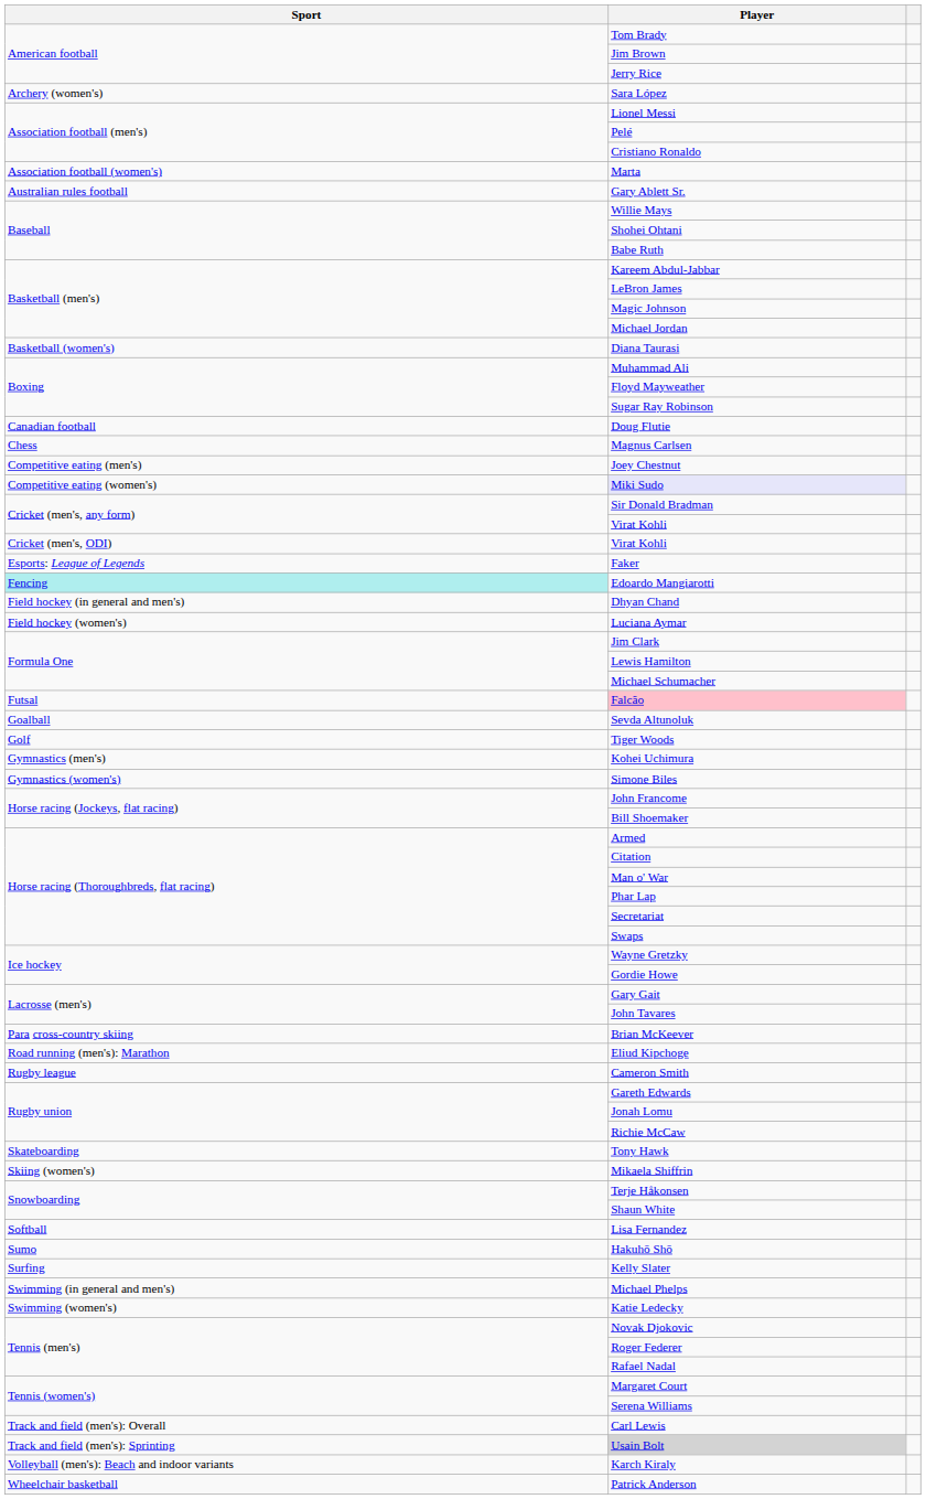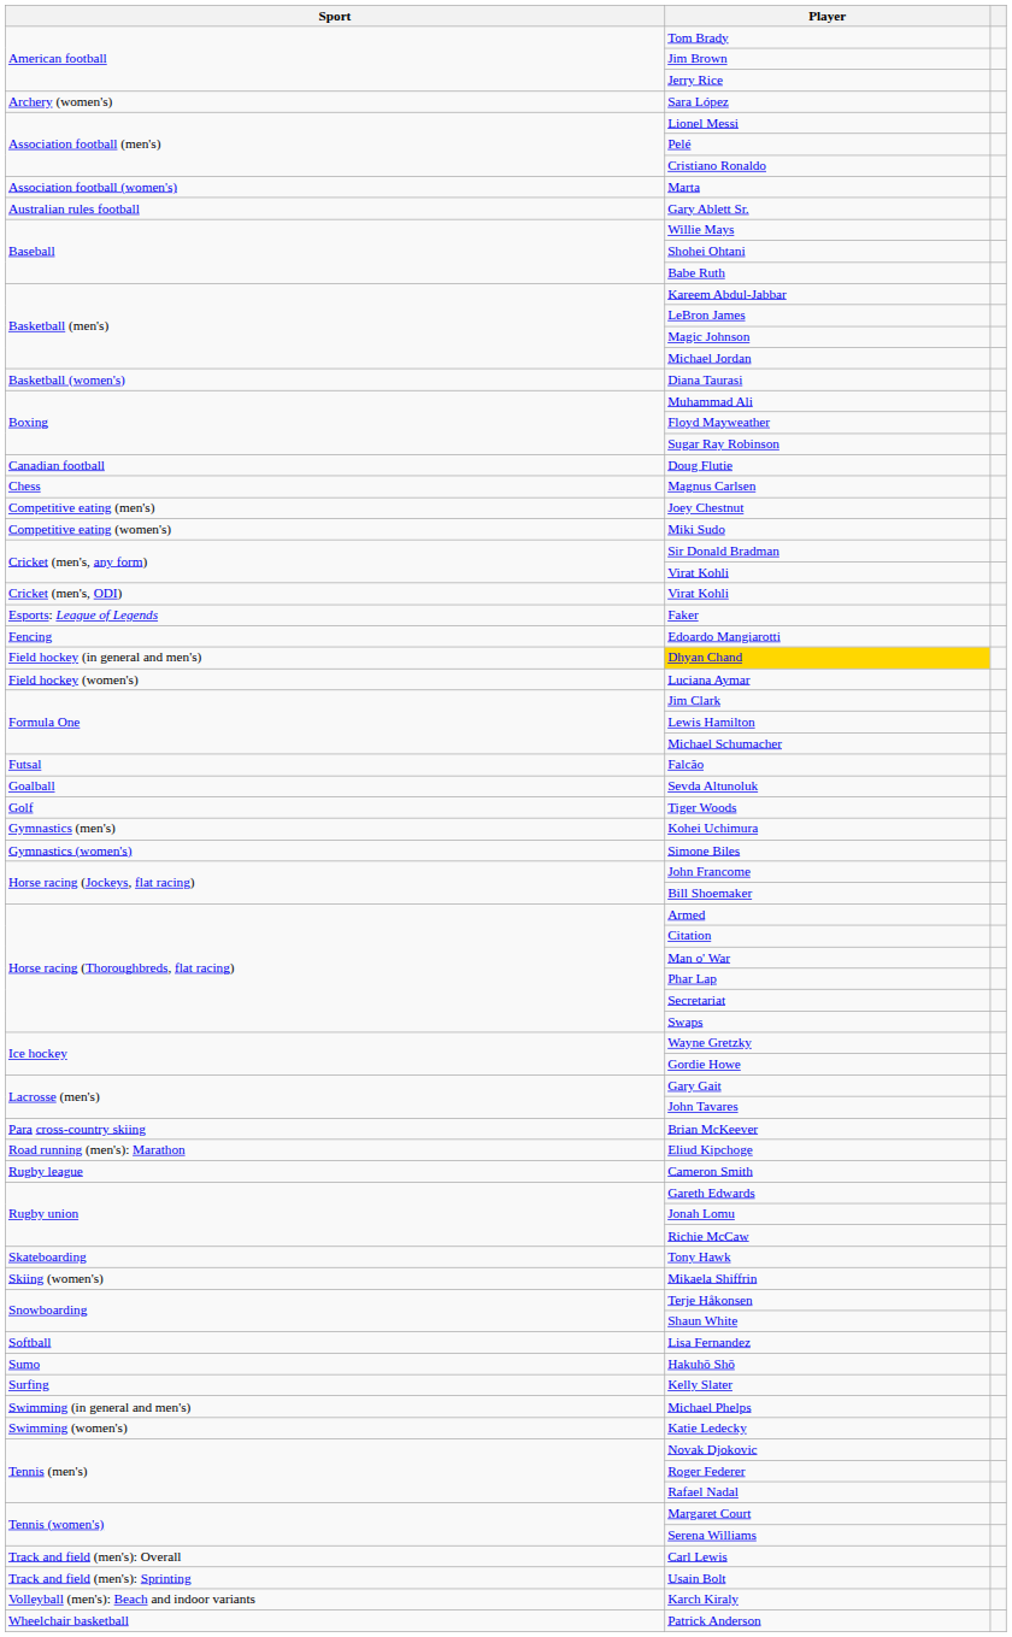 <table class="wikitable mw-uncollapsed" style="width:75%;">
 <tr>
 <th>Sport</th>
 <th>Player</th>
 <th></th>
 </tr>
 <tr>
 <td rowspan="3"><a href='#'>American football</a></td>
 <td><a href='#'>Tom Brady</a></td>
 <td></td>
 </tr>
 <tr>
 <td><a href='#'>Jim Brown</a></td>
 <td></td>
 </tr>
 <tr>
 <td><a href='#'>Jerry Rice</a></td>
 <td></td>
 </tr>
 <tr>
 <td><a href='#'>Archery</a> (women's)</td>
 <td><a href='#'>Sara López</a></td>
 <td></td>
 </tr>
 <tr>
 <td rowspan="3"><a href='#'>Association football</a> (men's)</td>
 <td><a href='#'>Lionel Messi</a></td>
 <td></td>
 </tr>
 <tr>
 <td><a href='#'>Pelé</a></td>
 <td></td>
 </tr>
 <tr>
 <td><a href='#'>Cristiano Ronaldo</a></td>
 <td></td>
 </tr>
 <tr>
 <td><a href='#'>Association football (women's)</a></td>
 <td><a href='#'>Marta</a></td>
 <td></td>
 </tr>
 <tr>
 <td><a href='#'>Australian rules football</a></td>
 <td><a href='#'>Gary Ablett Sr.</a></td>
 <td></td>
 </tr>
 <tr>
 <td rowspan="3"><a href='#'>Baseball</a></td>
 <td><a href='#'>Willie Mays</a></td>
 <td></td>
 </tr>
 <tr>
 <td><a href='#'>Shohei Ohtani</a></td>
 <td></td>
 </tr>
 <tr>
 <td><a href='#'>Babe Ruth</a></td>
 <td></td>
 </tr>
 <tr>
 <td rowspan="4"><a href='#'>Basketball</a> (men's)</td>
 <td><a href='#'>Kareem Abdul-Jabbar</a></td>
 <td></td>
 </tr>
 <tr>
 <td><a href='#'>LeBron James</a></td>
 <td></td>
 </tr>
 <tr>
 <td><a href='#'>Magic Johnson</a></td>
 <td></td>
 </tr>
 <tr>
 <td><a href='#'>Michael Jordan</a></td>
 <td></td>
 </tr>
 <tr>
 <td><a href='#'>Basketball (women's)</a></td>
 <td><a href='#'>Diana Taurasi</a></td>
 <td></td>
 </tr>
 <tr>
 <td rowspan="3"><a href='#'>Boxing</a></td>
 <td><a href='#'>Muhammad Ali</a></td>
 <td></td>
 </tr>
 <tr>
 <td><a href='#'>Floyd Mayweather</a></td>
 <td></td>
 </tr>
 <tr>
 <td><a href='#'>Sugar Ray Robinson</a></td>
 <td></td>
 </tr>
 <tr>
 <td><a href='#'>Canadian football</a></td>
 <td><a href='#'>Doug Flutie</a></td>
 <td></td>
 </tr>
 <tr>
 <td><a href='#'>Chess</a></td>
 <td><a href='#'>Magnus Carlsen</a></td>
 <td></td>
 </tr>
 <tr>
 <td><a href='#'>Competitive eating</a> (men's)</td>
 <td><a href='#'>Joey Chestnut</a></td>
 <td></td>
 </tr>
 <tr>
 <td><a href='#'>Competitive eating</a> (women's)</td>
-<td style="background: lavender;"><a href='#'>Miki Sudo</a></td>
+<td><a href='#'>Miki Sudo</a></td>
 <td></td>
 </tr>
 <tr>
 <td rowspan="2"><a href='#'>Cricket</a> (men's, <a href='#'>any form</a>)</td>
 <td><a href='#'>Sir Donald Bradman</a></td>
 <td></td>
 </tr>
 <tr>
 <td><a href='#'>Virat Kohli</a></td>
 <td></td>
 </tr>
 <tr>
 <td><a href='#'>Cricket</a> (men's, <a href='#'>ODI</a>)</td>
 <td><a href='#'>Virat Kohli</a></td>
 <td></td>
 </tr>
 <tr>
 <td><a href='#'>Esports</a>: <em><a href='#'>League of Legends</a></em></td>
 <td><a href='#'>Faker</a></td>
 <td></td>
 </tr>
 <tr>
-<td style="background: paleturquoise;"><a href='#'>Fencing</a></td>
+<td><a href='#'>Fencing</a></td>
 <td><a href='#'>Edoardo Mangiarotti</a></td>
 <td></td>
 </tr>
 <tr>
 <td><a href='#'>Field hockey</a> (in general and men's)</td>
-<td><a href='#'>Dhyan Chand</a></td>
+<td style="background: gold;"><a href='#'>Dhyan Chand</a></td>
 <td></td>
 </tr>
 <tr>
 <td><a href='#'>Field hockey</a> (women's)</td>
 <td><a href='#'>Luciana Aymar</a></td>
 <td></td>
 </tr>
 <tr>
 <td rowspan="3"><a href='#'>Formula One</a></td>
 <td><a href='#'>Jim Clark</a></td>
 <td></td>
 </tr>
 <tr>
 <td><a href='#'>Lewis Hamilton</a></td>
 <td></td>
 </tr>
 <tr>
 <td><a href='#'>Michael Schumacher</a></td>
 <td></td>
 </tr>
 <tr>
 <td><a href='#'>Futsal</a></td>
-<td style="background: pink;"><a href='#'> Falcão</a></td>
+<td><a href='#'> Falcão</a></td>
 <td></td>
 </tr>
 <tr>
 <td><a href='#'>Goalball</a></td>
 <td><a href='#'>Sevda Altunoluk</a></td>
 <td></td>
 </tr>
 <tr>
 <td><a href='#'>Golf</a></td>
 <td><a href='#'>Tiger Woods</a></td>
 <td></td>
 </tr>
 <tr>
 <td><a href='#'>Gymnastics</a> (men's)</td>
 <td><a href='#'>Kohei Uchimura</a></td>
 <td></td>
 </tr>
 <tr>
 <td><a href='#'>Gymnastics (women's)</a></td>
 <td><a href='#'>Simone Biles</a></td>
 <td></td>
 </tr>
 <tr>
 <td rowspan="2"><a href='#'>Horse racing</a> (<a href='#'>Jockeys</a>, <a href='#'>flat racing</a>)</td>
 <td><a href='#'>John Francome</a></td>
 <td></td>
 </tr>
 <tr>
 <td><a href='#'>Bill Shoemaker</a></td>
 <td></td>
 </tr>
 <tr>
 <td rowspan="6"><a href='#'>Horse racing</a> (<a href='#'>Thoroughbreds</a>, <a href='#'>flat racing</a>)</td>
 <td><a href='#'>Armed</a></td>
 <td></td>
 </tr>
 <tr>
 <td><a href='#'>Citation</a></td>
 <td></td>
 </tr>
 <tr>
 <td><a href='#'>Man o' War</a></td>
 <td></td>
 </tr>
 <tr>
 <td><a href='#'>Phar Lap</a></td>
 <td></td>
 </tr>
 <tr>
 <td><a href='#'>Secretariat</a></td>
 <td></td>
 </tr>
 <tr>
 <td><a href='#'>Swaps</a></td>
 <td></td>
 </tr>
 <tr>
 <td rowspan="2"><a href='#'>Ice hockey</a></td>
 <td><a href='#'>Wayne Gretzky</a></td>
 <td></td>
 </tr>
 <tr>
 <td><a href='#'>Gordie Howe</a></td>
 <td></td>
 </tr>
 <tr>
 <td rowspan="2"><a href='#'>Lacrosse</a> (men's)</td>
 <td><a href='#'>Gary Gait</a></td>
 <td></td>
 </tr>
 <tr>
 <td><a href='#'>John Tavares</a></td>
 <td></td>
 </tr>
 <tr>
 <td><a href='#'>Para</a> <a href='#'>cross-country skiing</a></td>
 <td><a href='#'>Brian McKeever</a></td>
 <td></td>
 </tr>
 <tr>
 <td><a href='#'>Road running</a> (men's): <a href='#'>Marathon</a></td>
 <td><a href='#'>Eliud Kipchoge</a></td>
 <td></td>
 </tr>
 <tr>
 <td><a href='#'>Rugby league</a></td>
 <td><a href='#'>Cameron Smith</a></td>
 <td></td>
 </tr>
 <tr>
 <td rowspan="3"><a href='#'>Rugby union</a></td>
 <td><a href='#'>Gareth Edwards</a></td>
 <td></td>
 </tr>
 <tr>
 <td><a href='#'>Jonah Lomu</a></td>
 <td></td>
 </tr>
 <tr>
 <td><a href='#'>Richie McCaw</a></td>
 <td></td>
 </tr>
 <tr>
 <td><a href='#'>Skateboarding</a></td>
 <td><a href='#'>Tony Hawk</a></td>
 <td></td>
 </tr>
 <tr>
 <td><a href='#'>Skiing</a> (women's)</td>
 <td><a href='#'>Mikaela Shiffrin</a></td>
 <td></td>
 </tr>
 <tr>
 <td rowspan="2"><a href='#'>Snowboarding</a></td>
 <td><a href='#'>Terje Håkonsen</a></td>
 <td></td>
 </tr>
 <tr>
 <td><a href='#'>Shaun White</a></td>
 <td></td>
 </tr>
 <tr>
 <td><a href='#'>Softball</a></td>
 <td><a href='#'>Lisa Fernandez</a></td>
 <td></td>
 </tr>
 <tr>
 <td><a href='#'>Sumo</a></td>
 <td><a href='#'>Hakuhō Shō</a></td>
 <td></td>
 </tr>
 <tr>
 <td><a href='#'>Surfing</a></td>
 <td><a href='#'>Kelly Slater</a></td>
 <td></td>
 </tr>
 <tr>
 <td><a href='#'>Swimming</a> (in general and men's)</td>
 <td><a href='#'>Michael Phelps</a></td>
 <td></td>
 </tr>
 <tr>
 <td><a href='#'>Swimming</a> (women's)</td>
 <td><a href='#'>Katie Ledecky</a></td>
 <td></td>
 </tr>
 <tr>
 <td rowspan="3"><a href='#'>Tennis</a> (men's)</td>
 <td><a href='#'>Novak Djokovic</a></td>
 <td></td>
 </tr>
 <tr>
 <td><a href='#'>Roger Federer</a></td>
 <td></td>
 </tr>
 <tr>
 <td><a href='#'>Rafael Nadal</a></td>
 <td></td>
 </tr>
 <tr>
 <td rowspan="2"><a href='#'>Tennis (women's)</a></td>
 <td><a href='#'>Margaret Court</a></td>
 <td></td>
 </tr>
 <tr>
 <td><a href='#'>Serena Williams</a></td>
 <td></td>
 </tr>
 <tr>
 <td><a href='#'>Track and field</a> (men's): Overall</td>
 <td><a href='#'>Carl Lewis</a></td>
 <td></td>
 </tr>
 <tr>
 <td><a href='#'>Track and field</a> (men's): <a href='#'>Sprinting</a></td>
-<td style="background: lightgrey;"><a href='#'>Usain Bolt</a></td>
+<td><a href='#'>Usain Bolt</a></td>
 <td></td>
 </tr>
 <tr>
 <td><a href='#'>Volleyball</a> (men's): <a href='#'>Beach</a> and indoor variants</td>
 <td><a href='#'>Karch Kiraly</a></td>
 <td></td>
 </tr>
 <tr>
 <td><a href='#'>Wheelchair basketball</a></td>
 <td><a href='#'>Patrick Anderson</a></td>
 <td></td>
 </tr>
 </table>
